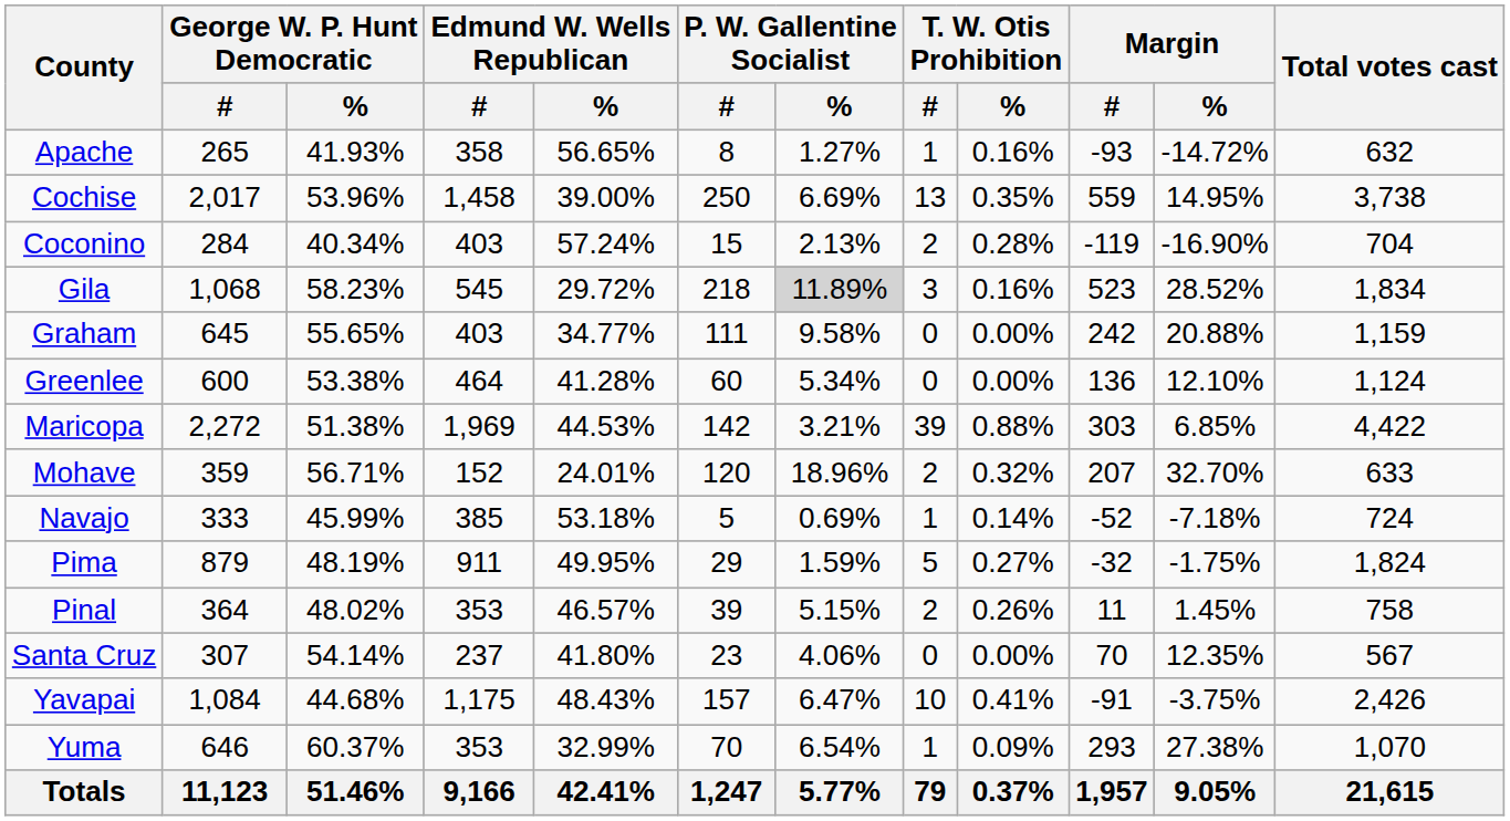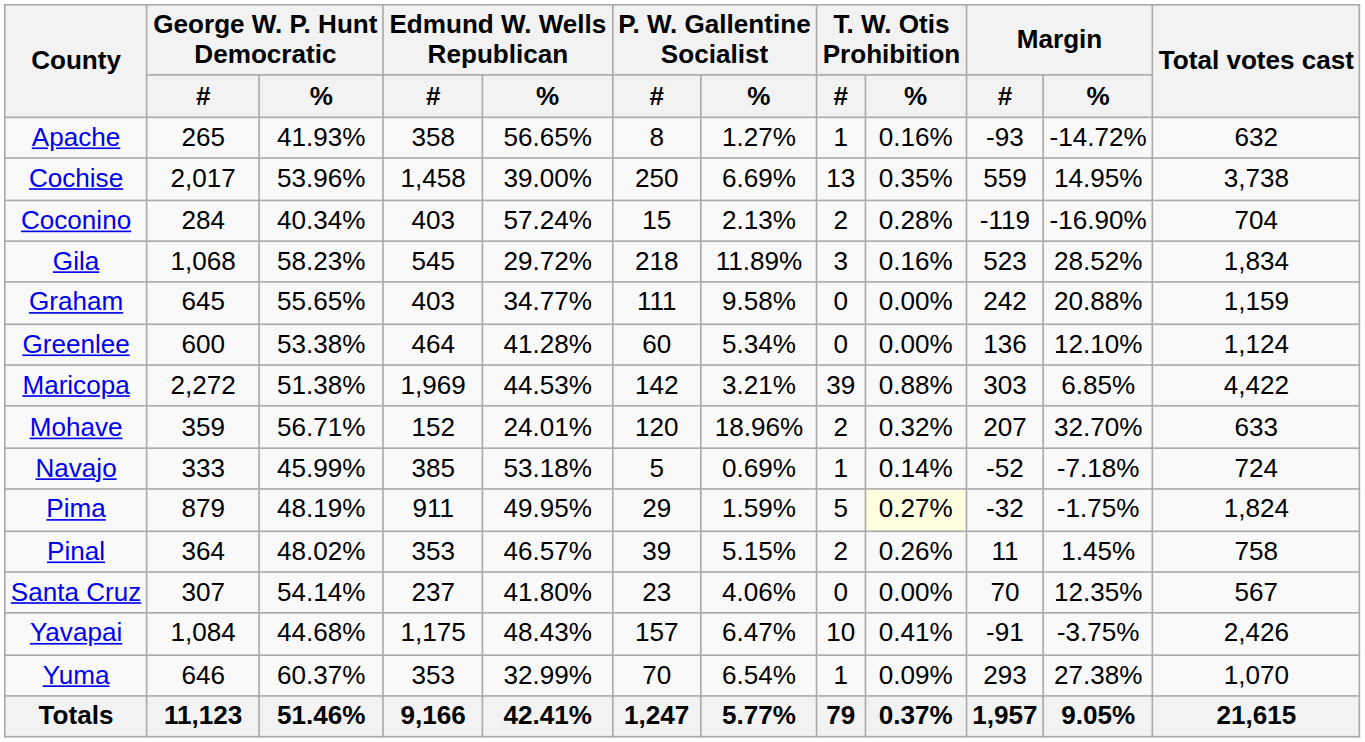 <table class="wikitable sortable" style="text-align:center">
 <tr>
 <th rowspan="2">County</th>
 <th style="text-align:center;" colspan="2">George W. P. Hunt<br>Democratic</th>
 <th style="text-align:center;" colspan="2">Edmund W. Wells<br>Republican</th>
 <th style="text-align:center;" colspan="2">P. W. Gallentine<br>Socialist</th>
 <th style="text-align:center;" colspan="2">T. W. Otis<br>Prohibition</th>
 <th style="text-align:center;" colspan="2">Margin</th>
 <th style="text-align:center;" rowspan="2">Total votes cast</th>
 </tr>
 <tr>
 <th style="text-align:center;" data-sort-type="number">#</th>
 <th style="text-align:center;" data-sort-type="number">%</th>
 <th style="text-align:center;" data-sort-type="number">#</th>
 <th style="text-align:center;" data-sort-type="number">%</th>
 <th style="text-align:center;" data-sort-type="number">#</th>
 <th style="text-align:center;" data-sort-type="number">%</th>
 <th style="text-align:center;" data-sort-type="number">#</th>
 <th style="text-align:center;" data-sort-type="number">%</th>
 <th style="text-align:center;" data-sort-type="number">#</th>
 <th style="text-align:center;" data-sort-type="number">%</th>
 </tr>
 <tr style="text-align:center;">
 <td><a href='#'>Apache</a></td>
 <td>265</td>
 <td>41.93%</td>
 <td>358</td>
 <td>56.65%</td>
 <td>8</td>
 <td>1.27%</td>
 <td>1</td>
 <td>0.16%</td>
 <td>-93</td>
 <td>-14.72%</td>
 <td>632</td>
 </tr>
 <tr style="text-align:center;">
 <td><a href='#'>Cochise</a></td>
 <td>2,017</td>
 <td>53.96%</td>
 <td>1,458</td>
 <td>39.00%</td>
 <td>250</td>
 <td>6.69%</td>
 <td>13</td>
 <td>0.35%</td>
 <td>559</td>
 <td>14.95%</td>
 <td>3,738</td>
 </tr>
 <tr style="text-align:center;">
 <td><a href='#'>Coconino</a></td>
 <td>284</td>
 <td>40.34%</td>
 <td>403</td>
 <td>57.24%</td>
 <td>15</td>
 <td>2.13%</td>
 <td>2</td>
 <td>0.28%</td>
 <td>-119</td>
 <td>-16.90%</td>
 <td>704</td>
 </tr>
 <tr style="text-align:center;">
 <td><a href='#'>Gila</a></td>
 <td>1,068</td>
 <td>58.23%</td>
 <td>545</td>
 <td>29.72%</td>
 <td>218</td>
-<td style="background: lightgrey;">11.89%</td>
+<td>11.89%</td>
 <td>3</td>
 <td>0.16%</td>
 <td>523</td>
 <td>28.52%</td>
 <td>1,834</td>
 </tr>
 <tr style="text-align:center;">
 <td><a href='#'>Graham</a></td>
 <td>645</td>
 <td>55.65%</td>
 <td>403</td>
 <td>34.77%</td>
 <td>111</td>
 <td>9.58%</td>
 <td>0</td>
 <td>0.00%</td>
 <td>242</td>
 <td>20.88%</td>
 <td>1,159</td>
 </tr>
 <tr style="text-align:center;">
 <td><a href='#'>Greenlee</a></td>
 <td>600</td>
 <td>53.38%</td>
 <td>464</td>
 <td>41.28%</td>
 <td>60</td>
 <td>5.34%</td>
 <td>0</td>
 <td>0.00%</td>
 <td>136</td>
 <td>12.10%</td>
 <td>1,124</td>
 </tr>
 <tr style="text-align:center;">
 <td><a href='#'>Maricopa</a></td>
 <td>2,272</td>
 <td>51.38%</td>
 <td>1,969</td>
 <td>44.53%</td>
 <td>142</td>
 <td>3.21%</td>
 <td>39</td>
 <td>0.88%</td>
 <td>303</td>
 <td>6.85%</td>
 <td>4,422</td>
 </tr>
 <tr style="text-align:center;">
 <td><a href='#'>Mohave</a></td>
 <td>359</td>
 <td>56.71%</td>
 <td>152</td>
 <td>24.01%</td>
 <td>120</td>
 <td>18.96%</td>
 <td>2</td>
 <td>0.32%</td>
 <td>207</td>
 <td>32.70%</td>
 <td>633</td>
 </tr>
 <tr style="text-align:center;">
 <td><a href='#'>Navajo</a></td>
 <td>333</td>
 <td>45.99%</td>
 <td>385</td>
 <td>53.18%</td>
 <td>5</td>
 <td>0.69%</td>
 <td>1</td>
 <td>0.14%</td>
 <td>-52</td>
 <td>-7.18%</td>
 <td>724</td>
 </tr>
 <tr style="text-align:center;">
 <td><a href='#'>Pima</a></td>
 <td>879</td>
 <td>48.19%</td>
 <td>911</td>
 <td>49.95%</td>
 <td>29</td>
 <td>1.59%</td>
 <td>5</td>
-<td>0.27%</td>
+<td style="background: lightyellow;">0.27%</td>
 <td>-32</td>
 <td>-1.75%</td>
 <td>1,824</td>
 </tr>
 <tr style="text-align:center;">
 <td><a href='#'>Pinal</a></td>
 <td>364</td>
 <td>48.02%</td>
 <td>353</td>
 <td>46.57%</td>
 <td>39</td>
 <td>5.15%</td>
 <td>2</td>
 <td>0.26%</td>
 <td>11</td>
 <td>1.45%</td>
 <td>758</td>
 </tr>
 <tr style="text-align:center;">
 <td><a href='#'>Santa Cruz</a></td>
 <td>307</td>
 <td>54.14%</td>
 <td>237</td>
 <td>41.80%</td>
 <td>23</td>
 <td>4.06%</td>
 <td>0</td>
 <td>0.00%</td>
 <td>70</td>
 <td>12.35%</td>
 <td>567</td>
 </tr>
 <tr style="text-align:center;">
 <td><a href='#'>Yavapai</a></td>
 <td>1,084</td>
 <td>44.68%</td>
 <td>1,175</td>
 <td>48.43%</td>
 <td>157</td>
 <td>6.47%</td>
 <td>10</td>
 <td>0.41%</td>
 <td>-91</td>
 <td>-3.75%</td>
 <td>2,426</td>
 </tr>
 <tr style="text-align:center;">
 <td><a href='#'>Yuma</a></td>
 <td>646</td>
 <td>60.37%</td>
 <td>353</td>
 <td>32.99%</td>
 <td>70</td>
 <td>6.54%</td>
 <td>1</td>
 <td>0.09%</td>
 <td>293</td>
 <td>27.38%</td>
 <td>1,070</td>
 </tr>
 <tr style="text-align:center;">
 <th>Totals</th>
 <th>11,123</th>
 <th>51.46%</th>
 <th>9,166</th>
 <th>42.41%</th>
 <th>1,247</th>
 <th>5.77%</th>
 <th>79</th>
 <th>0.37%</th>
 <th>1,957</th>
 <th>9.05%</th>
 <th>21,615</th>
 </tr>
 </table>
